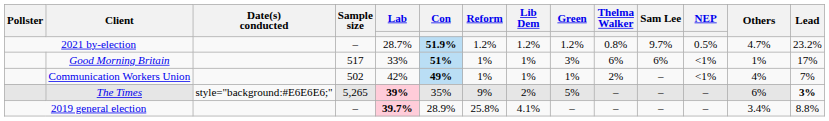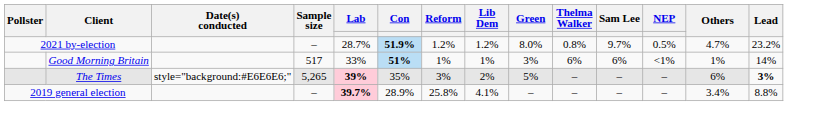 <table class="wikitable sortable mw-datatable" style="text-align:center;font-size:90%;line-height:14px;">
 <tr>
 <th rowspan="2">Pollster</th>
 <th rowspan="2">Client</th>
 <th rowspan="2">Date(s)<br>conducted</th>
 <th data-sort-type="number" rowspan="2">Sample<br>size</th>
 <th class="unsortable" style="width:50px;"><a href='#'>Lab</a></th>
 <th class="unsortable" style="width:50px;"><a href='#'>Con</a></th>
 <th class="unsortable" style="width:50px;"><a href='#'>Reform</a></th>
 <th class="unsortable" style="width:50px;"><a href='#'>Lib Dem</a></th>
 <th class="unsortable" style="width:50px;"><a href='#'>Green</a></th>
 <th class="unsortable" style="width:50px;"><a href='#'>Thelma Walker</a></th>
 <th class="unsortable" style="width:50px;">Sam Lee</th>
 <th class="unsortable" style="width:50px;"><a href='#'>NEP</a></th>
 <th rowspan="2" class="unsortable" style="width:75px;">Others</th>
 <th data-sort-type="number" rowspan="2">Lead</th>
 </tr>
 <tr>
 <th data-sort-type="number" style="background:"></th>
 <th data-sort-type="number" style="background:"></th>
 <th data-sort-type="number" style="background:"></th>
 <th data-sort-type="number" style="background:"></th>
 <th data-sort-type="number" style="background:"></th>
 <th data-sort-type="number" style="background:"></th>
 <th data-sort-type="number" style="background:"></th>
 <th data-sort-type="number" style="background:"></th>
 </tr>
 <tr>
 <td colspan="2"><a href='#'>2021 by-election</a></td>
 <td></td>
 <td>–</td>
 <td>28.7%</td>
 <td style="background:#BADEF5;"><strong>51.9%</strong></td>
 <td>1.2%</td>
 <td>1.2%</td>
-<td>1.2%</td>
+<td>8.0%</td>
 <td>0.8%</td>
 <td>9.7%</td>
 <td>0.5%</td>
 <td>4.7%</td>
 <td style="background:">23.2%</td>
 </tr>
 <tr>
 <td></td>
 <td><em><a href='#'>Good Morning Britain</a></em></td>
 <td></td>
 <td>517</td>
 <td>33%</td>
 <td style="background:#BADEF5;"><strong>51%</strong></td>
 <td>1%</td>
 <td>1%</td>
 <td>3%</td>
 <td>6%</td>
 <td>6%</td>
 <td><1%</td>
 <td>1%</td>
-<td style="background:">17%</td>
-</tr>
-<tr>
-<td></td>
-<td><a href='#'>Communication Workers Union</a></td>
-<td></td>
-<td>502</td>
-<td>42%</td>
-<td style="background:#BADEF5;"><strong>49%</strong></td>
-<td>1%</td>
-<td>1%</td>
-<td>1%</td>
-<td>2%</td>
-<td>–</td>
-<td><1%</td>
-<td>4%</td>
-<td style="background:">7%</td>
+<td style="background:">14%</td>
 </tr>
 <tr>
 <td style="background:#E6E6E6;"></td>
 <td style="background:#E6E6E6;"><em><a href='#'>The Times</a></em></td>
 <td>style="background:#E6E6E6;" </td>
 <td style="background:#E6E6E6;">5,265</td>
 <td style="background:#FFCCD9;"><strong>39%</strong></td>
 <td style="background:#E6E6E6;">35%</td>
-<td style="background:#E6E6E6;">9%</td>
+<td style="background:#E6E6E6;">3%</td>
 <td style="background:#E6E6E6;">2%</td>
 <td style="background:#E6E6E6;">5%</td>
 <td style="background:#E6E6E6;">–</td>
 <td style="background:#E6E6E6;">–</td>
 <td style="background:#E6E6E6;">–</td>
 <td style="background:#E6E6E6;">6%</td>
 <td style="background:"><strong>3%</strong></td>
 </tr>
 <tr>
 <td colspan="2"><a href='#'>2019 general election</a></td>
 <td></td>
 <td>–</td>
 <td style="background:#FFCCD9;"><strong>39.7%</strong></td>
 <td>28.9%</td>
 <td>25.8%</td>
 <td>4.1%</td>
 <td>–</td>
 <td>–</td>
 <td>–</td>
 <td>–</td>
 <td>3.4%</td>
 <td style="background:">8.8%</td>
 </tr>
 </table>
